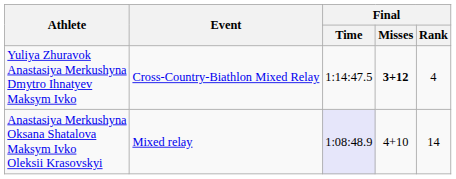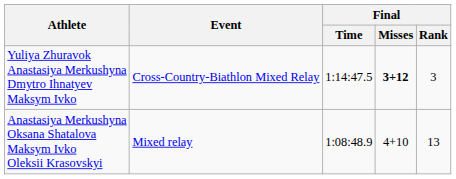 <table class="wikitable" style="font-size:90%;">
 <tr>
 <th rowspan="2">Athlete</th>
 <th rowspan="2">Event</th>
 <th colspan="3">Final</th>
 </tr>
 <tr>
 <th>Time</th>
 <th>Misses</th>
 <th>Rank</th>
 </tr>
 <tr>
 <td><a href='#'>Yuliya Zhuravok</a><br><a href='#'>Anastasiya Merkushyna</a><br><a href='#'>Dmytro Ihnatyev</a><br><a href='#'>Maksym Ivko</a></td>
 <td><a href='#'>Cross-Country-Biathlon Mixed Relay</a></td>
 <td align="center">1:14:47.5</td>
 <td align="center"><strong>3+12</strong></td>
-<td align="center">4</td>
+<td align="center">3</td>
 </tr>
 <tr>
 <td><a href='#'>Anastasiya Merkushyna</a><br><a href='#'>Oksana Shatalova</a><br><a href='#'>Maksym Ivko</a><br><a href='#'>Oleksii Krasovskyi</a></td>
 <td><a href='#'>Mixed relay</a></td>
-<td align="center" style="background: lavender;">1:08:48.9</td>
+<td align="center">1:08:48.9</td>
 <td align="center">4+10</td>
-<td align="center">14</td>
+<td align="center">13</td>
 </tr>
 </table>
